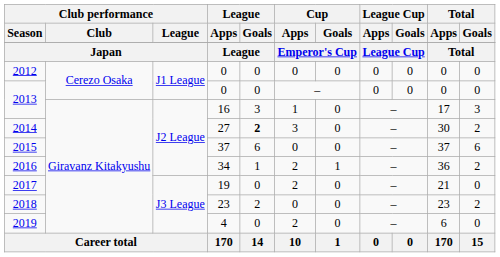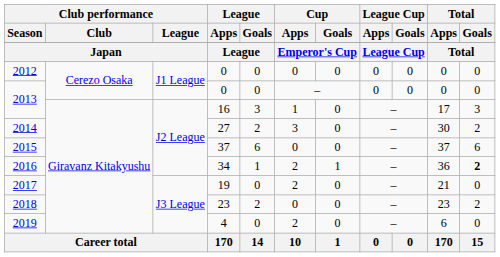 <table class="wikitable" style="text-align:center">
 <tr>
 <th colspan=3>Club performance</th>
 <th colspan=2>League</th>
 <th colspan=2>Cup</th>
 <th colspan=2>League Cup</th>
 <th colspan=2>Total</th>
 </tr>
 <tr>
 <th>Season</th>
 <th>Club</th>
 <th>League</th>
 <th>Apps</th>
 <th>Goals</th>
 <th>Apps</th>
 <th>Goals</th>
 <th>Apps</th>
 <th>Goals</th>
 <th>Apps</th>
 <th>Goals</th>
 </tr>
 <tr>
 </tr>
 <tr>
 <th colspan=3>Japan</th>
 <th colspan=2>League</th>
 <th colspan=2><a href='#'>Emperor's Cup</a></th>
 <th colspan=2><a href='#'>League Cup</a></th>
 <th colspan=2>Total</th>
 </tr>
 <tr>
 <td><a href='#'>2012</a></td>
 <td rowspan="2"><a href='#'>Cerezo Osaka</a></td>
 <td rowspan="2"><a href='#'>J1 League</a></td>
 <td>0</td>
 <td>0</td>
 <td>0</td>
 <td>0</td>
 <td>0</td>
 <td>0</td>
 <td>0</td>
 <td>0</td>
 </tr>
 <tr>
 <td rowspan="2"><a href='#'>2013</a></td>
 <td>0</td>
 <td>0</td>
 <td colspan="2">–</td>
 <td>0</td>
 <td>0</td>
 <td>0</td>
 <td>0</td>
 </tr>
 <tr>
 <td rowspan="7"><a href='#'>Giravanz Kitakyushu</a></td>
 <td rowspan="4"><a href='#'>J2 League</a></td>
 <td>16</td>
 <td>3</td>
 <td>1</td>
 <td>0</td>
 <td colspan="2">–</td>
 <td>17</td>
 <td>3</td>
 </tr>
 <tr>
 <td><a href='#'>2014</a></td>
 <td>27</td>
-<td><strong>2</strong></td>
+<td>2</td>
 <td>3</td>
 <td>0</td>
 <td colspan="2">–</td>
 <td>30</td>
 <td>2</td>
 </tr>
 <tr>
 <td><a href='#'>2015</a></td>
 <td>37</td>
 <td>6</td>
 <td>0</td>
 <td>0</td>
 <td colspan="2">–</td>
 <td>37</td>
 <td>6</td>
 </tr>
 <tr>
 <td><a href='#'>2016</a></td>
 <td>34</td>
 <td>1</td>
 <td>2</td>
 <td>1</td>
 <td colspan="2">–</td>
 <td>36</td>
-<td>2</td>
+<td><strong>2</strong></td>
 </tr>
 <tr>
 <td><a href='#'>2017</a></td>
 <td rowspan="3"><a href='#'>J3 League</a></td>
 <td>19</td>
 <td>0</td>
 <td>2</td>
 <td>0</td>
 <td colspan="2">–</td>
 <td>21</td>
 <td>0</td>
 </tr>
 <tr>
 <td><a href='#'>2018</a></td>
 <td>23</td>
 <td>2</td>
 <td>0</td>
 <td>0</td>
 <td colspan="2">–</td>
 <td>23</td>
 <td>2</td>
 </tr>
 <tr>
 <td><a href='#'>2019</a></td>
 <td>4</td>
 <td>0</td>
 <td>2</td>
 <td>0</td>
 <td colspan="2">–</td>
 <td>6</td>
 <td>0</td>
 </tr>
 <tr>
 <th colspan=3>Career total</th>
 <th>170</th>
 <th>14</th>
 <th>10</th>
 <th>1</th>
 <th>0</th>
 <th>0</th>
 <th>170</th>
 <th>15</th>
 </tr>
 </table>
